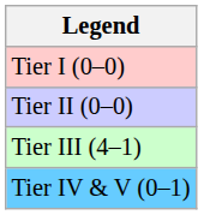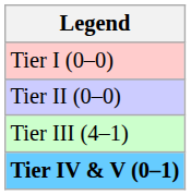 <table class="wikitable" style=font-size:90%>
 <tr>
 <th>Legend</th>
 </tr>
 <tr>
 <td bgcolor=#ffcccc>Tier I (0–0)</td>
 </tr>
 <tr>
 <td bgcolor=#ccccff>Tier II (0–0)</td>
 </tr>
 <tr>
 <td bgcolor=#CCFFCC>Tier III (4–1)</td>
 </tr>
 <tr>
-<td bgcolor=#66CCFF>Tier IV & V (0–1)</td>
+<td bgcolor=#66CCFF><strong>Tier IV & V (0–1)</strong></td>
 </tr>
 </table>
